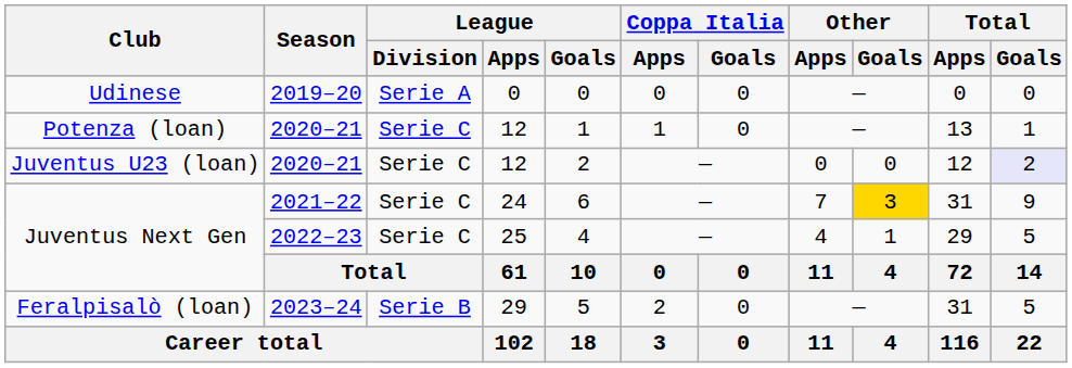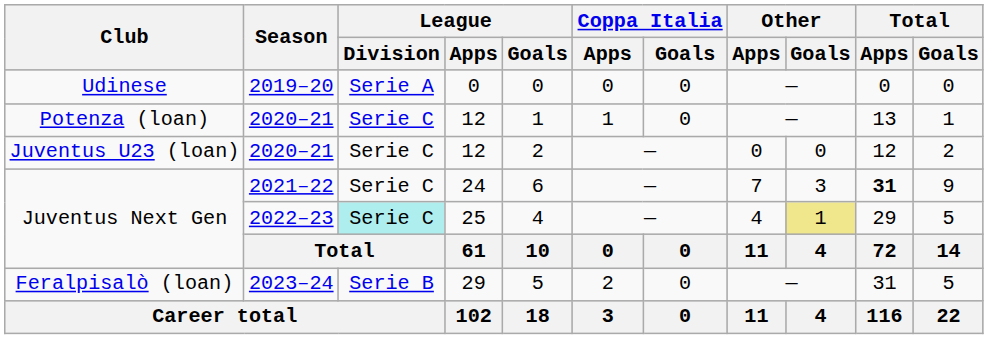 <table class="wikitable" style="text-align:center">
 <tr>
 <th rowspan="2">Club</th>
 <th rowspan="2">Season</th>
 <th colspan="3">League</th>
 <th colspan="2"><a href='#'>Coppa Italia</a></th>
 <th colspan="2">Other</th>
 <th colspan="2">Total</th>
 </tr>
 <tr>
 <th>Division</th>
 <th>Apps</th>
 <th>Goals</th>
 <th>Apps</th>
 <th>Goals</th>
 <th>Apps</th>
 <th>Goals</th>
 <th>Apps</th>
 <th>Goals</th>
 </tr>
 <tr>
 <td><a href='#'>Udinese</a></td>
 <td><a href='#'>2019–20</a></td>
 <td><a href='#'>Serie A</a></td>
 <td>0</td>
 <td>0</td>
 <td>0</td>
 <td>0</td>
 <td colspan="2">—</td>
 <td>0</td>
 <td>0</td>
 </tr>
 <tr>
 <td><a href='#'>Potenza</a> (loan)</td>
 <td><a href='#'>2020–21</a></td>
 <td><a href='#'>Serie C</a></td>
 <td>12</td>
 <td>1</td>
 <td>1</td>
 <td>0</td>
 <td colspan="2">—</td>
 <td>13</td>
 <td>1</td>
 </tr>
 <tr>
 <td><a href='#'>Juventus U23</a> (loan)</td>
 <td><a href='#'>2020–21</a></td>
 <td>Serie C</td>
 <td>12</td>
 <td>2</td>
 <td colspan="2">—</td>
 <td>0</td>
 <td>0</td>
 <td>12</td>
-<td style="background: lavender;">2</td>
+<td>2</td>
 </tr>
 <tr>
 <td rowspan="3">Juventus Next Gen</td>
 <td><a href='#'>2021–22</a></td>
 <td>Serie C</td>
 <td>24</td>
 <td>6</td>
 <td colspan="2">—</td>
 <td>7</td>
-<td style="background: gold;">3</td>
-<td>31</td>
+<td>3</td>
+<td><strong>31</strong></td>
 <td>9</td>
 </tr>
 <tr>
 <td><a href='#'>2022–23</a></td>
-<td>Serie C</td>
+<td style="background: paleturquoise;">Serie C</td>
 <td>25</td>
 <td>4</td>
 <td colspan="2">—</td>
 <td>4</td>
-<td>1</td>
+<td style="background: khaki;">1</td>
 <td>29</td>
 <td>5</td>
 </tr>
 <tr>
 <th colspan="2">Total</th>
 <th>61</th>
 <th>10</th>
 <th>0</th>
 <th>0</th>
 <th>11</th>
 <th>4</th>
 <th>72</th>
 <th>14</th>
 </tr>
 <tr>
 <td><a href='#'>Feralpisalò</a> (loan)</td>
 <td><a href='#'>2023–24</a></td>
 <td><a href='#'>Serie B</a></td>
 <td>29</td>
 <td>5</td>
 <td>2</td>
 <td>0</td>
 <td colspan="2">—</td>
 <td>31</td>
 <td>5</td>
 </tr>
 <tr>
 <th colspan="3">Career total</th>
 <th>102</th>
 <th>18</th>
 <th>3</th>
 <th>0</th>
 <th>11</th>
 <th>4</th>
 <th>116</th>
 <th>22</th>
 </tr>
 </table>
